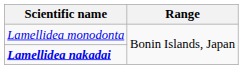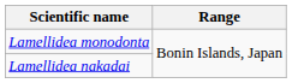 <table class="wikitable">
 <tr>
 <th>Scientific name</th>
 <th>Range</th>
 </tr>
 <tr>
 <td><em><a href='#'>Lamellidea monodonta</a></em></td>
 <td rowspan="2">Bonin Islands, Japan</td>
 </tr>
 <tr>
-<td><strong><em><a href='#'>Lamellidea nakadai</a></em></strong></td>
+<td><em><a href='#'>Lamellidea nakadai</a></em></td>
 </tr>
 </table>
